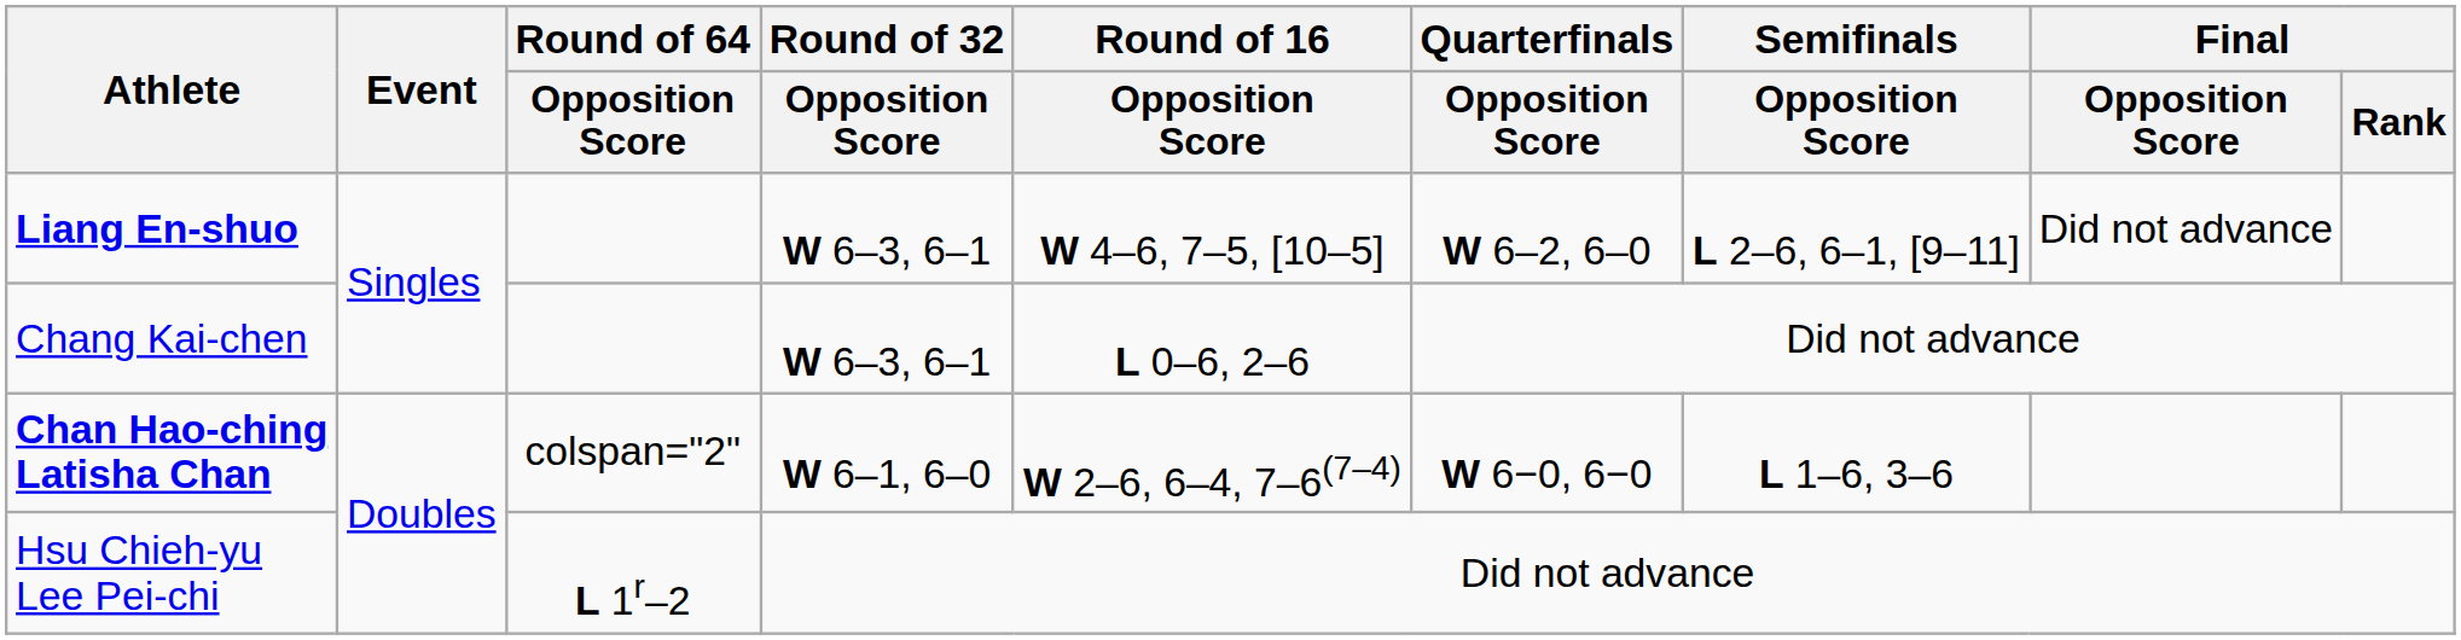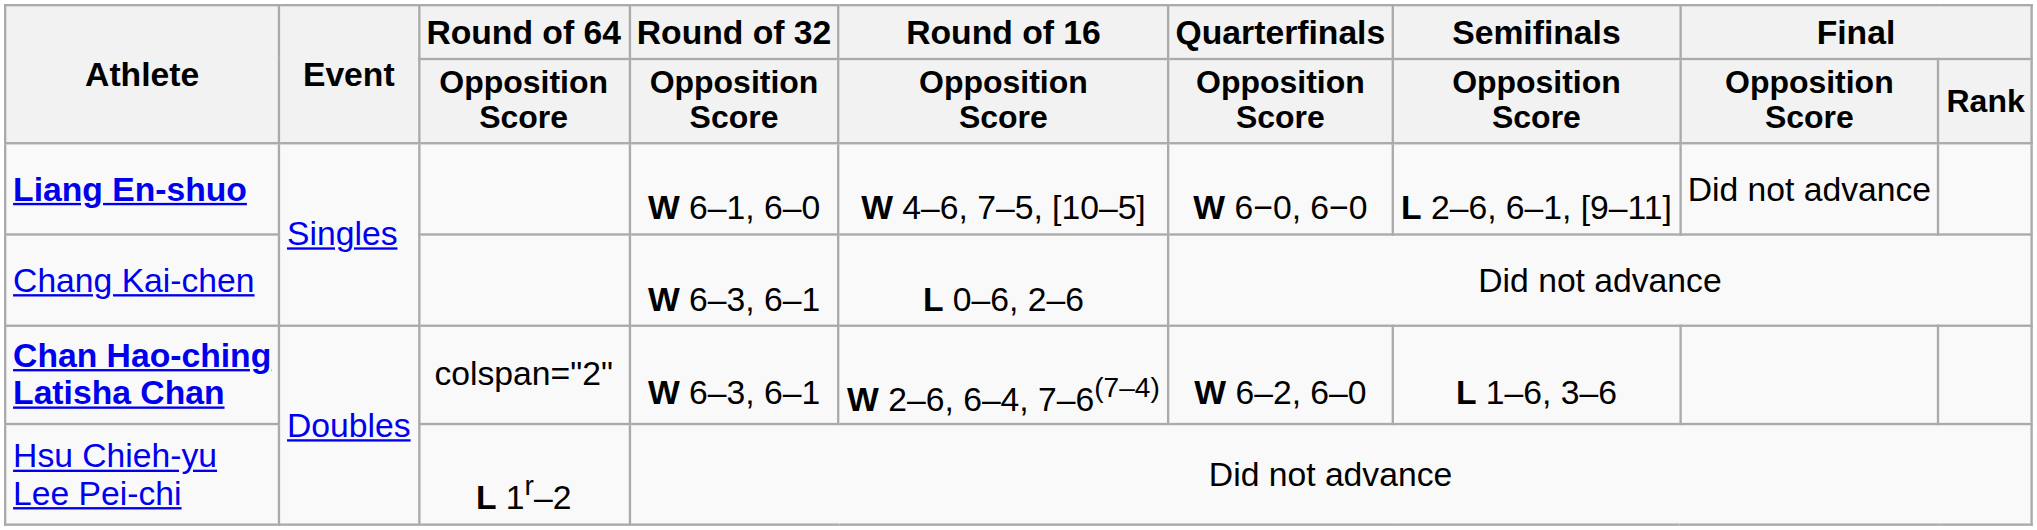 <table class=wikitable style="font-size:90%">
 <tr>
 <th rowspan="2">Athlete</th>
 <th rowspan="2">Event</th>
 <th>Round of 64</th>
 <th>Round of 32</th>
 <th>Round of 16</th>
 <th>Quarterfinals</th>
 <th>Semifinals</th>
 <th colspan=2>Final</th>
 </tr>
 <tr style="font-size:95%">
 <th>Opposition<br>Score</th>
 <th>Opposition<br>Score</th>
 <th>Opposition<br>Score</th>
 <th>Opposition<br>Score</th>
 <th>Opposition<br>Score</th>
 <th>Opposition<br>Score</th>
 <th>Rank</th>
 </tr>
 <tr align=center>
 <td align=left><strong><a href='#'>Liang En-shuo</a></strong></td>
 <td align=left rowspan=2><a href='#'>Singles</a></td>
 <td></td>
-<td> <br><strong>W</strong> 6–3, 6–1</td>
+<td> <br><strong>W</strong> 6–1, 6–0</td>
 <td> <br><strong>W</strong> 4–6, 7–5, [10–5]</td>
-<td> <br><strong>W</strong> 6–2, 6–0</td>
+<td><br><strong>W</strong> 6−0, 6−0</td>
 <td><br><strong>L</strong> 2–6, 6–1, [9–11]</td>
 <td>Did not advance</td>
 <td></td>
 </tr>
 <tr align=center>
 <td align=left><a href='#'>Chang Kai-chen</a></td>
 <td></td>
 <td> <br><strong>W</strong> 6–3, 6–1</td>
 <td> <br><strong>L</strong> 0–6, 2–6</td>
 <td colspan="4">Did not advance</td>
 </tr>
 <tr align=center>
 <td align=left><strong><a href='#'>Chan Hao-ching</a><br><a href='#'>Latisha Chan</a></strong></td>
 <td align=left rowspan=2><a href='#'>Doubles</a></td>
 <td>colspan="2" </td>
-<td> <br><strong>W</strong> 6–1, 6–0</td>
+<td> <br><strong>W</strong> 6–3, 6–1</td>
 <td><br><strong>W</strong> 2–6, 6–4, 7–6<sup>(7–4)</sup></td>
-<td><br><strong>W</strong> 6−0, 6−0</td>
+<td> <br><strong>W</strong> 6–2, 6–0</td>
 <td> <br><strong>L</strong> 1–6, 3–6</td>
 <td></td>
 </tr>
 <tr align=center>
 <td align=left><a href='#'>Hsu Chieh-yu</a><br><a href='#'>Lee Pei-chi</a></td>
 <td> <br><strong>L</strong> 1<sup>r</sup>–2</td>
 <td colspan="6">Did not advance</td>
 </tr>
 </table>
